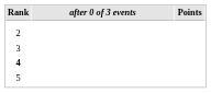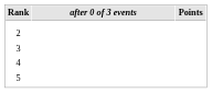 <table cellspacing="1" cellpadding="3" style="border:1px solid #AAAAAA;font-size:86%">
 <tr style="background-color: #E4E4E4;">
 <th style="border-bottom:1px solid #AAAAAA; width: 10px;">Rank</th>
 <th style="border-bottom:1px solid #AAAAAA; width: 210px;"><em>after 0 of 3 events</em></th>
 <th style="border-bottom:1px solid #AAAAAA; width: 40px;">Points</th>
 </tr>
 <tr>
 <td align=center></td>
 <td></td>
 <td align=center></td>
 </tr>
 <tr>
 <td align=center>2</td>
 <td></td>
 <td align=center></td>
 </tr>
 <tr>
 <td align=center>3</td>
 <td></td>
 <td align=center></td>
 </tr>
 <tr>
-<td align=center><strong>4</strong></td>
+<td align=center>4</td>
 <td></td>
 <td align=center></td>
 </tr>
 <tr>
 <td align=center>5</td>
 <td></td>
 <td align=center></td>
 </tr>
 <tr>
 </tr>
 </table>
